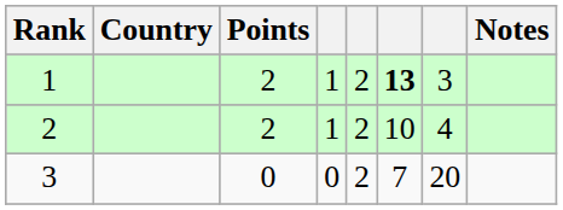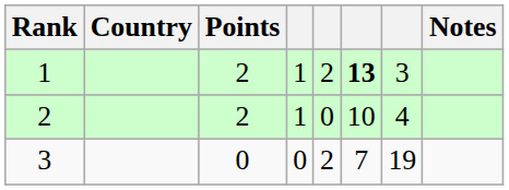 <table class="wikitable sortable" style="text-align: center;">
 <tr>
 <th>Rank</th>
 <th>Country</th>
 <th>Points</th>
 <th></th>
 <th></th>
 <th></th>
 <th></th>
 <th>Notes</th>
 </tr>
 <tr style="background:#cfc;">
 <td>1</td>
 <td align=left></td>
 <td>2</td>
 <td>1</td>
 <td>2</td>
 <td><strong>13</strong></td>
 <td>3</td>
 <td></td>
 </tr>
 <tr style="background:#cfc;">
 <td>2</td>
 <td align=left></td>
 <td>2</td>
 <td>1</td>
-<td>2</td>
+<td>0</td>
 <td>10</td>
 <td>4</td>
 <td></td>
 </tr>
 <tr>
 <td>3</td>
 <td align=left></td>
 <td>0</td>
 <td>0</td>
 <td>2</td>
 <td>7</td>
-<td>20</td>
+<td>19</td>
 <td></td>
 </tr>
 </table>
